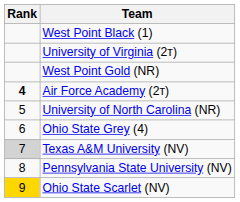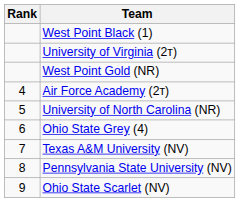 <table class="wikitable">
 <tr>
 <th>Rank</th>
 <th>Team</th>
 </tr>
 <tr>
 <td align=center></td>
 <td align="left"><a href='#'>West Point Black</a> (1)</td>
 </tr>
 <tr>
 <td align=center></td>
 <td align="left"><a href='#'>University of Virginia</a> (2т)</td>
 </tr>
 <tr>
 <td align=center></td>
 <td align="left"><a href='#'>West Point Gold</a> (NR)</td>
 </tr>
 <tr>
-<td align=center><strong>4</strong></td>
+<td align=center>4</td>
 <td align="left"><a href='#'>Air Force Academy</a> (2т)</td>
 </tr>
 <tr>
 <td align=center>5</td>
 <td align="left"><a href='#'>University of North Carolina</a> (NR)</td>
 </tr>
 <tr>
 <td align=center>6</td>
 <td align="left"><a href='#'>Ohio State Grey</a> (4)</td>
 </tr>
 <tr>
-<td align=center style="background: lightgrey;">7</td>
+<td align=center>7</td>
 <td align="left"><a href='#'>Texas A&M University</a> (NV)</td>
 </tr>
 <tr>
 <td align=center>8</td>
 <td align="left"><a href='#'>Pennsylvania State University</a> (NV)</td>
 </tr>
 <tr>
-<td align=center style="background: gold;">9</td>
+<td align=center>9</td>
 <td align="left"><a href='#'>Ohio State Scarlet</a> (NV)</td>
 </tr>
 </table>
